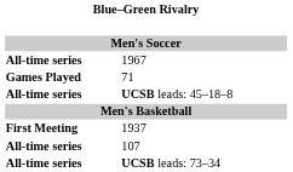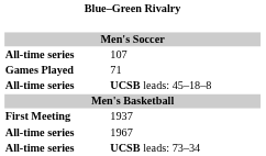 <table class="toccolours" style="float: right; clear: right; margin: 0 0 1em 1em; width: 23em;">
 <tr style="text-align:center;">
 <th colspan="2" style="text-align: center; background-color:">Blue–Green Rivalry</th>
 </tr>
 <tr>
 <td colspan="2" style="text-align: center">  </td>
 </tr>
 <tr>
 <th style="background: #CCCCCC;" colspan="2">Men's Soccer</th>
 </tr>
 <tr>
 <td style="vertical-align: top;"><strong>All-time series</strong></td>
-<td>1967</td>
+<td>107</td>
 </tr>
 <tr>
 <td><strong>Games Played</strong></td>
 <td>71</td>
 </tr>
 <tr>
 <td style="vertical-align: top;"><strong>All-time series</strong></td>
 <td><strong>UCSB</strong> leads: 45–18–8</td>
 </tr>
 <tr>
 <th style="background: #CCCCCC;" colspan="2">Men's Basketball</th>
 </tr>
 <tr>
 <td><strong>First Meeting</strong></td>
 <td>1937</td>
 </tr>
 <tr>
 <td style="vertical-align: top;"><strong>All-time series</strong></td>
-<td>107</td>
+<td>1967</td>
 </tr>
 <tr>
 <td style="vertical-align: top;"><strong>All-time series</strong></td>
 <td><strong>UCSB</strong> leads: 73–34</td>
 </tr>
 <tr>
 </tr>
 </table>
